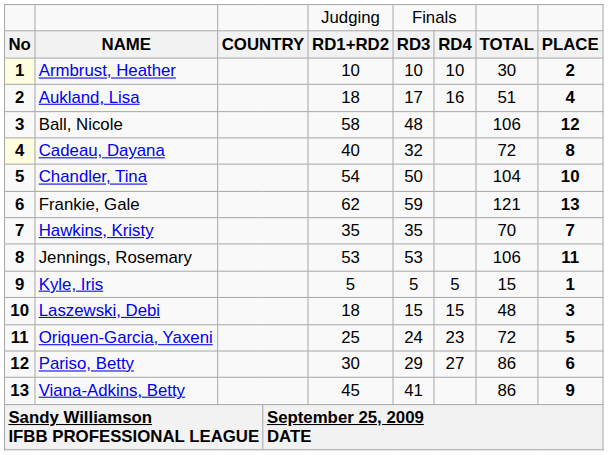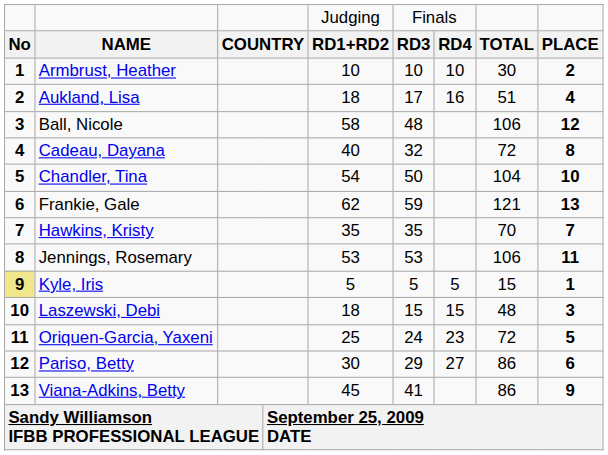 <table class="wikitable">
 <tr>
 <td></td>
 <td></td>
 <td colspan=2></td>
 <td align="center">Judging</td>
 <td rowspan=1 colspan=2 align="center">Finals</td>
 <td></td>
 <td></td>
 </tr>
 <tr>
 <th>No</th>
 <th>NAME</th>
 <th colspan="2">COUNTRY</th>
 <th>RD1+RD2 </th>
 <th>RD3 </th>
 <th>RD4 </th>
 <th>TOTAL</th>
 <th>PLACE</th>
 </tr>
 <tr>
-<td align="center" style="background: lightyellow;"><strong>1</strong></td>
+<td align="center"><strong>1</strong></td>
 <td><a href='#'>Armbrust, Heather</a></td>
 <td colspan="2"></td>
 <td align="center">10</td>
 <td align="center">10</td>
 <td align="center">10</td>
 <td align="center">30</td>
 <td align="center"><strong>2</strong></td>
 </tr>
 <tr>
 <td align="center"><strong>2</strong></td>
 <td><a href='#'>Aukland, Lisa</a></td>
 <td colspan="2"></td>
 <td align="center">18</td>
 <td align="center">17</td>
 <td align="center">16</td>
 <td align="center">51</td>
 <td align="center"><strong>4</strong></td>
 </tr>
 <tr>
 <td align="center"><strong>3</strong></td>
 <td>Ball, Nicole</td>
 <td colspan="2"></td>
 <td align="center">58</td>
 <td align="center">48</td>
 <td></td>
 <td align="center">106</td>
 <td align="center"><strong>12</strong></td>
 </tr>
 <tr>
-<td align="center" style="background: lightyellow;"><strong>4</strong></td>
+<td align="center"><strong>4</strong></td>
 <td><a href='#'>Cadeau, Dayana</a></td>
 <td colspan="2"></td>
 <td align="center">40</td>
 <td align="center">32</td>
 <td></td>
 <td align="center">72</td>
 <td align="center"><strong>8</strong></td>
 </tr>
 <tr>
 <td align="center"><strong>5</strong></td>
 <td><a href='#'>Chandler, Tina</a></td>
 <td colspan="2"></td>
 <td align="center">54</td>
 <td align="center">50</td>
 <td></td>
 <td align="center">104</td>
 <td align="center"><strong>10</strong></td>
 </tr>
 <tr>
 <td align="center"><strong>6</strong></td>
 <td>Frankie, Gale</td>
 <td colspan="2"></td>
 <td align="center">62</td>
 <td align="center">59</td>
 <td></td>
 <td align="center">121</td>
 <td align="center"><strong>13</strong></td>
 </tr>
 <tr>
 <td align="center"><strong>7</strong></td>
 <td><a href='#'>Hawkins, Kristy</a></td>
 <td colspan="2"></td>
 <td align="center">35</td>
 <td align="center">35</td>
 <td></td>
 <td align="center">70</td>
 <td align="center"><strong>7</strong></td>
 </tr>
 <tr>
 <td align="center"><strong>8</strong></td>
 <td>Jennings, Rosemary</td>
 <td colspan="2"></td>
 <td align="center">53</td>
 <td align="center">53</td>
 <td></td>
 <td align="center">106</td>
 <td align="center"><strong>11</strong></td>
 </tr>
 <tr>
-<td align="center"><strong>9</strong></td>
+<td align="center" style="background: khaki;"><strong>9</strong></td>
 <td><a href='#'>Kyle, Iris</a></td>
 <td colspan="2"></td>
 <td align="center">5</td>
 <td align="center">5</td>
 <td align="center">5</td>
 <td align="center">15</td>
 <td align="center"><strong>1</strong></td>
 </tr>
 <tr>
 <td align="center"><strong>10</strong></td>
 <td><a href='#'>Laszewski, Debi</a></td>
 <td colspan="2"></td>
 <td align="center">18</td>
 <td align="center">15</td>
 <td align="center">15</td>
 <td align="center">48</td>
 <td align="center"><strong>3</strong></td>
 </tr>
 <tr>
 <td align="center"><strong>11</strong></td>
 <td><a href='#'>Oriquen-Garcia, Yaxeni</a></td>
 <td colspan="2"></td>
 <td align="center">25</td>
 <td align="center">24</td>
 <td align="center">23</td>
 <td align="center">72</td>
 <td align="center"><strong>5</strong></td>
 </tr>
 <tr>
 <td align="center"><strong>12</strong></td>
 <td><a href='#'>Pariso, Betty</a></td>
 <td colspan="2"></td>
 <td align="center">30</td>
 <td align="center">29</td>
 <td align="center">27</td>
 <td align="center">86</td>
 <td align="center"><strong>6</strong></td>
 </tr>
 <tr>
 <td align="center"><strong>13</strong></td>
 <td><a href='#'>Viana-Adkins, Betty</a></td>
 <td colspan="2"></td>
 <td align="center">45</td>
 <td align="center">41</td>
 <td></td>
 <td align="center">86</td>
 <td align="center"><strong>9</strong></td>
 </tr>
 <tr>
 <th colspan="3" style="text-align: left"><u>Sandy Williamson</u><br>IFBB PROFESSIONAL LEAGUE</th>
 <th colspan="6" style="text-align: left"><u>September 25, 2009</u><br>DATE</th>
 </tr>
 </table>
